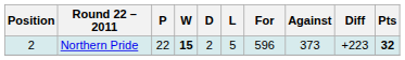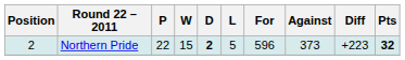 <table class="wikitable" style="text-align:center; font-size:85%;">
 <tr>
 <th width=40 abbr="Position">Position</th>
 <th width=100>Round 22 – 2011</th>
 <th width=20 abbr="Played">P</th>
 <th width=20 abbr="Won">W</th>
 <th width=20 abbr="Drawn">D</th>
 <th width=20 abbr="Lost">L</th>
 <th width=40 abbr="Points for">For</th>
 <th width=40 abbr="Points against">Against</th>
 <th width=40 abbr="Points difference">Diff</th>
 <th width=20 abbr="Points">Pts</th>
 </tr>
 <tr style="background: #d7ebed;">
 <td>2</td>
 <td style="text-align:left;"> <a href='#'>Northern Pride</a></td>
 <td>22</td>
-<td><strong>15</strong></td>
-<td>2</td>
+<td>15</td>
+<td><strong>2</strong></td>
 <td>5</td>
 <td>596</td>
 <td>373</td>
 <td>+223</td>
 <td><strong>32</strong></td>
 </tr>
 <tr>
 </tr>
 </table>
